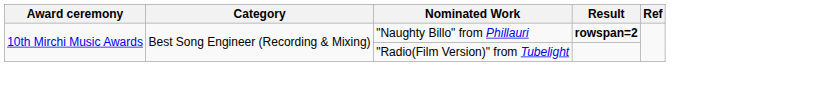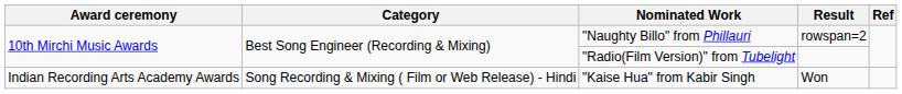 <table class="wikitable">
 <tr>
 <th>Award ceremony</th>
 <th>Category</th>
 <th>Nominated Work</th>
 <th>Result</th>
 <th>Ref</th>
 </tr>
 <tr>
 <td rowspan=2><a href='#'>10th Mirchi Music Awards</a></td>
 <td rowspan=2>Best Song Engineer (Recording & Mixing)</td>
 <td>"Naughty Billo" from <em><a href='#'>Phillauri</a></em></td>
-<td><strong>rowspan=2 </strong></td>
+<td>rowspan=2 </td>
 <td rowspan=2></td>
 </tr>
 <tr>
 <td>"Radio(Film Version)" from <em><a href='#'>Tubelight</a></em></td>
 </tr>
+<tr>
+<td>Indian Recording Arts Academy Awards</td>
+<td>Song Recording & Mixing ( Film or Web Release) - Hindi</td>
+<td>"Kaise Hua" from Kabir Singh</td>
+<td>Won</td>
+<td></td>
+</tr>
 </table>
